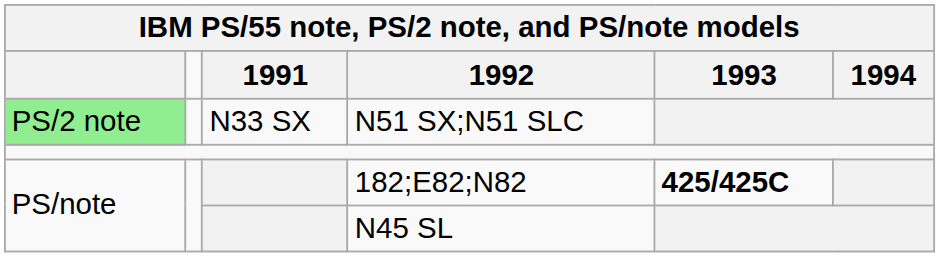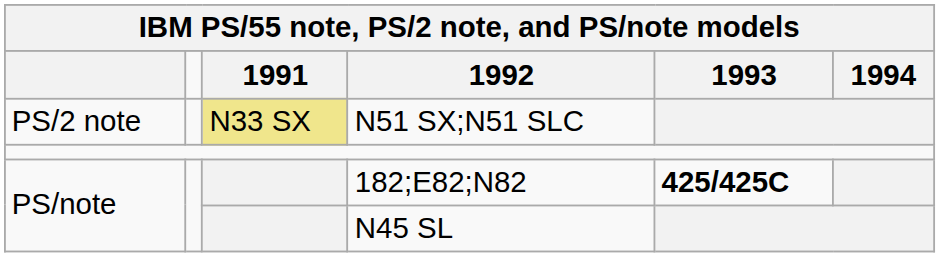 <table class="wikitable mw-collapsible mw-collapsed" style="min-width:40%";>
 <tr>
 <th colspan="6">IBM PS/55 note, PS/2 note, and PS/note models</th>
 </tr>
 <tr>
 <th></th>
 <td></td>
 <th>1991</th>
 <th>1992</th>
 <th>1993</th>
 <th>1994</th>
 </tr>
 <tr>
-<td style="background: lightgreen;">PS/2 note</td>
+<td>PS/2 note</td>
 <td></td>
-<td>N33 SX</td>
+<td style="background: khaki;">N33 SX</td>
 <td>N51 SX;N51 SLC</td>
 <th colspan="2"></th>
 </tr>
 <tr>
 <td colspan="6"></td>
 </tr>
 <tr>
 <td rowspan="2">PS/note</td>
 <td rowspan="2"></td>
 <th></th>
 <td>182;E82;N82</td>
 <td><strong>425/425C</strong></td>
 <th></th>
 </tr>
 <tr>
 <th></th>
 <td>N45 SL</td>
 <th colspan="2"></th>
 </tr>
 </table>
